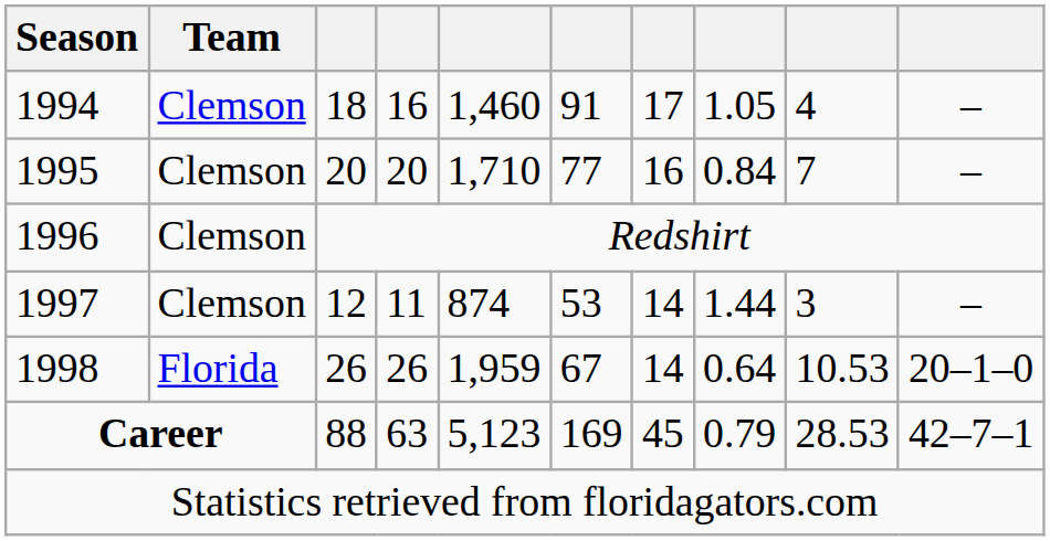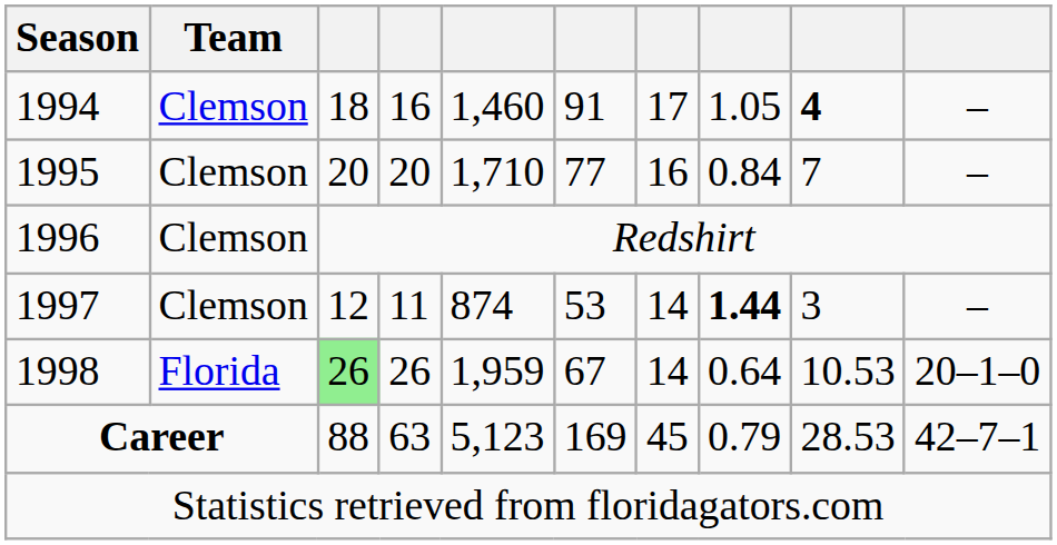 <table class="wikitable">
 <tr>
 <th>Season</th>
 <th>Team</th>
 <th></th>
 <th></th>
 <th></th>
 <th></th>
 <th></th>
 <th></th>
 <th></th>
 <th></th>
 </tr>
 <tr>
 <td>1994</td>
 <td><a href='#'>Clemson</a></td>
 <td>18</td>
 <td>16</td>
 <td>1,460</td>
 <td>91</td>
 <td>17</td>
 <td>1.05</td>
-<td>4</td>
+<td><strong>4</strong></td>
 <td align="center">–</td>
 </tr>
 <tr>
 <td>1995</td>
 <td>Clemson</td>
 <td>20</td>
 <td>20</td>
 <td>1,710</td>
 <td>77</td>
 <td>16</td>
 <td>0.84</td>
 <td>7</td>
 <td align="center">–</td>
 </tr>
 <tr>
 <td>1996</td>
 <td>Clemson</td>
 <td align="center" colspan="8"><em>Redshirt </em></td>
 </tr>
 <tr>
 <td>1997</td>
 <td>Clemson</td>
 <td>12</td>
 <td>11</td>
 <td>874</td>
 <td>53</td>
 <td>14</td>
-<td>1.44</td>
+<td><strong>1.44</strong></td>
 <td>3</td>
 <td align="center">–</td>
 </tr>
 <tr>
 <td>1998</td>
 <td><a href='#'>Florida</a></td>
-<td>26</td>
+<td style="background: lightgreen;">26</td>
 <td>26</td>
 <td>1,959</td>
 <td>67</td>
 <td>14</td>
 <td>0.64</td>
 <td>10.53</td>
 <td>20–1–0</td>
 </tr>
 <tr class="sortbottom">
 <td style="text-align:center;" colspan="2"><strong>Career</strong></td>
 <td>88</td>
 <td>63</td>
 <td>5,123</td>
 <td>169</td>
 <td>45</td>
 <td>0.79</td>
 <td>28.53</td>
 <td>42–7–1</td>
 </tr>
 <tr class="sortbottom">
 <td style="text-align:center;" colspan="10">Statistics retrieved from floridagators.com</td>
 </tr>
 </table>
